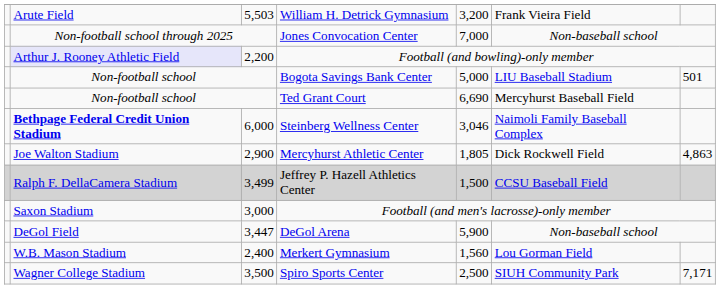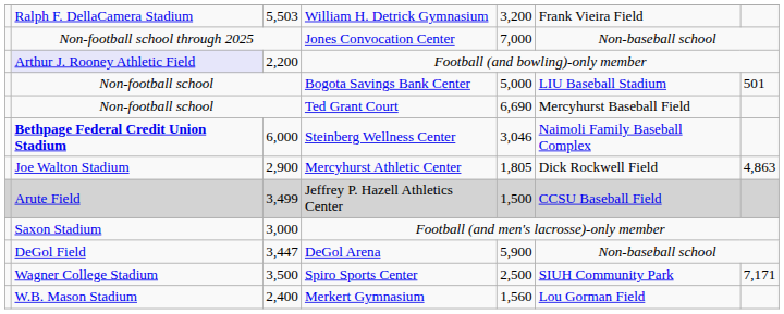 <table class="sortable wikitable">
 <tr>
 </tr>
 <tr>
 <td style="text-align:center; "><a href='#'></a></td>
-<td><a href='#'>Arute Field</a></td>
+<td><a href='#'>Ralph F. DellaCamera Stadium</a></td>
 <td>5,503</td>
 <td><a href='#'>William H. Detrick Gymnasium</a></td>
 <td>3,200</td>
 <td>Frank Vieira Field</td>
 <td></td>
 </tr>
 <tr>
 <td style="text-align:center; "><a href='#'></a></td>
 <td colspan=2 align=center><em>Non-football school through 2025</em></td>
 <td><a href='#'>Jones Convocation Center</a></td>
 <td>7,000</td>
 <td colspan=2 align=center><em>Non-baseball school</em></td>
 </tr>
 <tr>
 <td style="text-align:center; "><a href='#'></a></td>
 <td style="background: lavender;"><a href='#'>Arthur J. Rooney Athletic Field</a></td>
 <td>2,200</td>
 <td colspan="4" align=center><em>Football (and bowling)-only member</em></td>
 </tr>
 <tr>
 <td style="text-align:center; "><a href='#'></a></td>
 <td colspan="2" align=center><em>Non-football school</em></td>
 <td><a href='#'>Bogota Savings Bank Center</a></td>
 <td>5,000</td>
 <td><a href='#'>LIU Baseball Stadium</a></td>
 <td>501</td>
 </tr>
 <tr>
 <td style="text-align:center; "><a href='#'></a></td>
 <td colspan="2" align=center><em>Non-football school</em></td>
 <td><a href='#'>Ted Grant Court</a></td>
 <td>6,690</td>
 <td>Mercyhurst Baseball Field</td>
 <td></td>
 </tr>
 <tr>
 <td style="text-align:center; "><a href='#'></a></td>
 <td><strong><a href='#'>Bethpage Federal Credit Union Stadium</a></strong></td>
 <td>6,000</td>
 <td><a href='#'>Steinberg Wellness Center</a></td>
 <td>3,046</td>
 <td><a href='#'>Naimoli Family Baseball Complex</a></td>
 <td></td>
 </tr>
 <tr>
 <td style="text-align:center; "><a href='#'></a></td>
 <td><a href='#'>Joe Walton Stadium</a></td>
 <td>2,900</td>
 <td><a href='#'>Mercyhurst Athletic Center</a></td>
 <td>1,805</td>
 <td>Dick Rockwell Field</td>
 <td>4,863</td>
 </tr>
 <tr bgcolor=lightgray>
 <td style="text-align:center; "><a href='#'></a></td>
-<td><a href='#'>Ralph F. DellaCamera Stadium</a></td>
+<td><a href='#'>Arute Field</a></td>
 <td>3,499</td>
 <td>Jeffrey P. Hazell Athletics Center</td>
 <td>1,500</td>
 <td><a href='#'>CCSU Baseball Field</a></td>
 <td></td>
 </tr>
 <tr>
 <td style="text-align:center; "><a href='#'></a></td>
 <td><a href='#'>Saxon Stadium</a></td>
 <td>3,000</td>
 <td colspan="4" align=center><em>Football (and men's lacrosse)-only member</em></td>
 </tr>
 <tr>
 <td style="text-align:center; "><a href='#'></a></td>
 <td><a href='#'>DeGol Field</a></td>
 <td>3,447</td>
 <td><a href='#'>DeGol Arena</a></td>
 <td>5,900</td>
 <td colspan="2" align=center><em>Non-baseball school</em></td>
 </tr>
 <tr>
 <td style="text-align:center; "><a href='#'></a></td>
+<td><a href='#'>Wagner College Stadium</a></td>
+<td>3,500</td>
+<td><a href='#'>Spiro Sports Center</a></td>
+<td>2,500</td>
+<td><a href='#'>SIUH Community Park</a></td>
+<td>7,171</td>
+</tr>
+<tr>
+<td style="text-align:center; "><a href='#'></a></td>
 <td><a href='#'>W.B. Mason Stadium</a></td>
 <td>2,400</td>
 <td><a href='#'>Merkert Gymnasium</a></td>
 <td>1,560</td>
 <td><a href='#'>Lou Gorman Field</a></td>
 <td></td>
 </tr>
-<tr>
-<td style="text-align:center; "><a href='#'></a></td>
-<td><a href='#'>Wagner College Stadium</a></td>
-<td>3,500</td>
-<td><a href='#'>Spiro Sports Center</a></td>
-<td>2,500</td>
-<td><a href='#'>SIUH Community Park</a></td>
-<td>7,171</td>
-</tr>
 </table>
